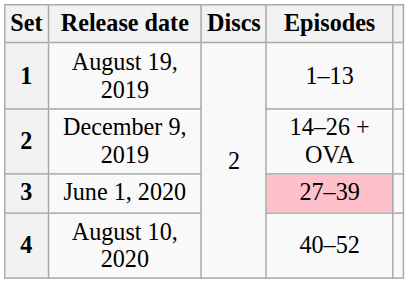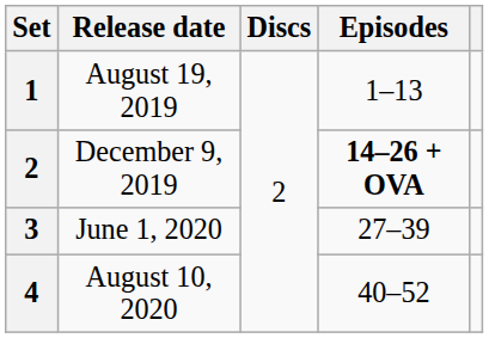 <table class="wikitable" style="text-align: center; width: 21%;">
 <tr>
 <th scope="col" 175px;>Set</th>
 <th scope="col" 125px;>Release date</th>
 <th scope="col">Discs</th>
 <th scope="col">Episodes</th>
 <th scope="col"></th>
 </tr>
 <tr>
 <th scope="row">1</th>
 <td>August 19, 2019</td>
 <td rowspan="4">2</td>
 <td>1–13</td>
 <td></td>
 </tr>
 <tr>
 <th scope="row">2</th>
 <td>December 9, 2019</td>
-<td>14–26 + OVA</td>
+<td><strong>14–26 + OVA</strong></td>
 <td></td>
 </tr>
 <tr>
 <th scope="row">3</th>
 <td>June 1, 2020</td>
-<td style="background: pink;">27–39</td>
+<td>27–39</td>
 <td></td>
 </tr>
 <tr>
 <th scope="row">4</th>
 <td>August 10, 2020</td>
 <td>40–52</td>
 <td></td>
 </tr>
 </table>
